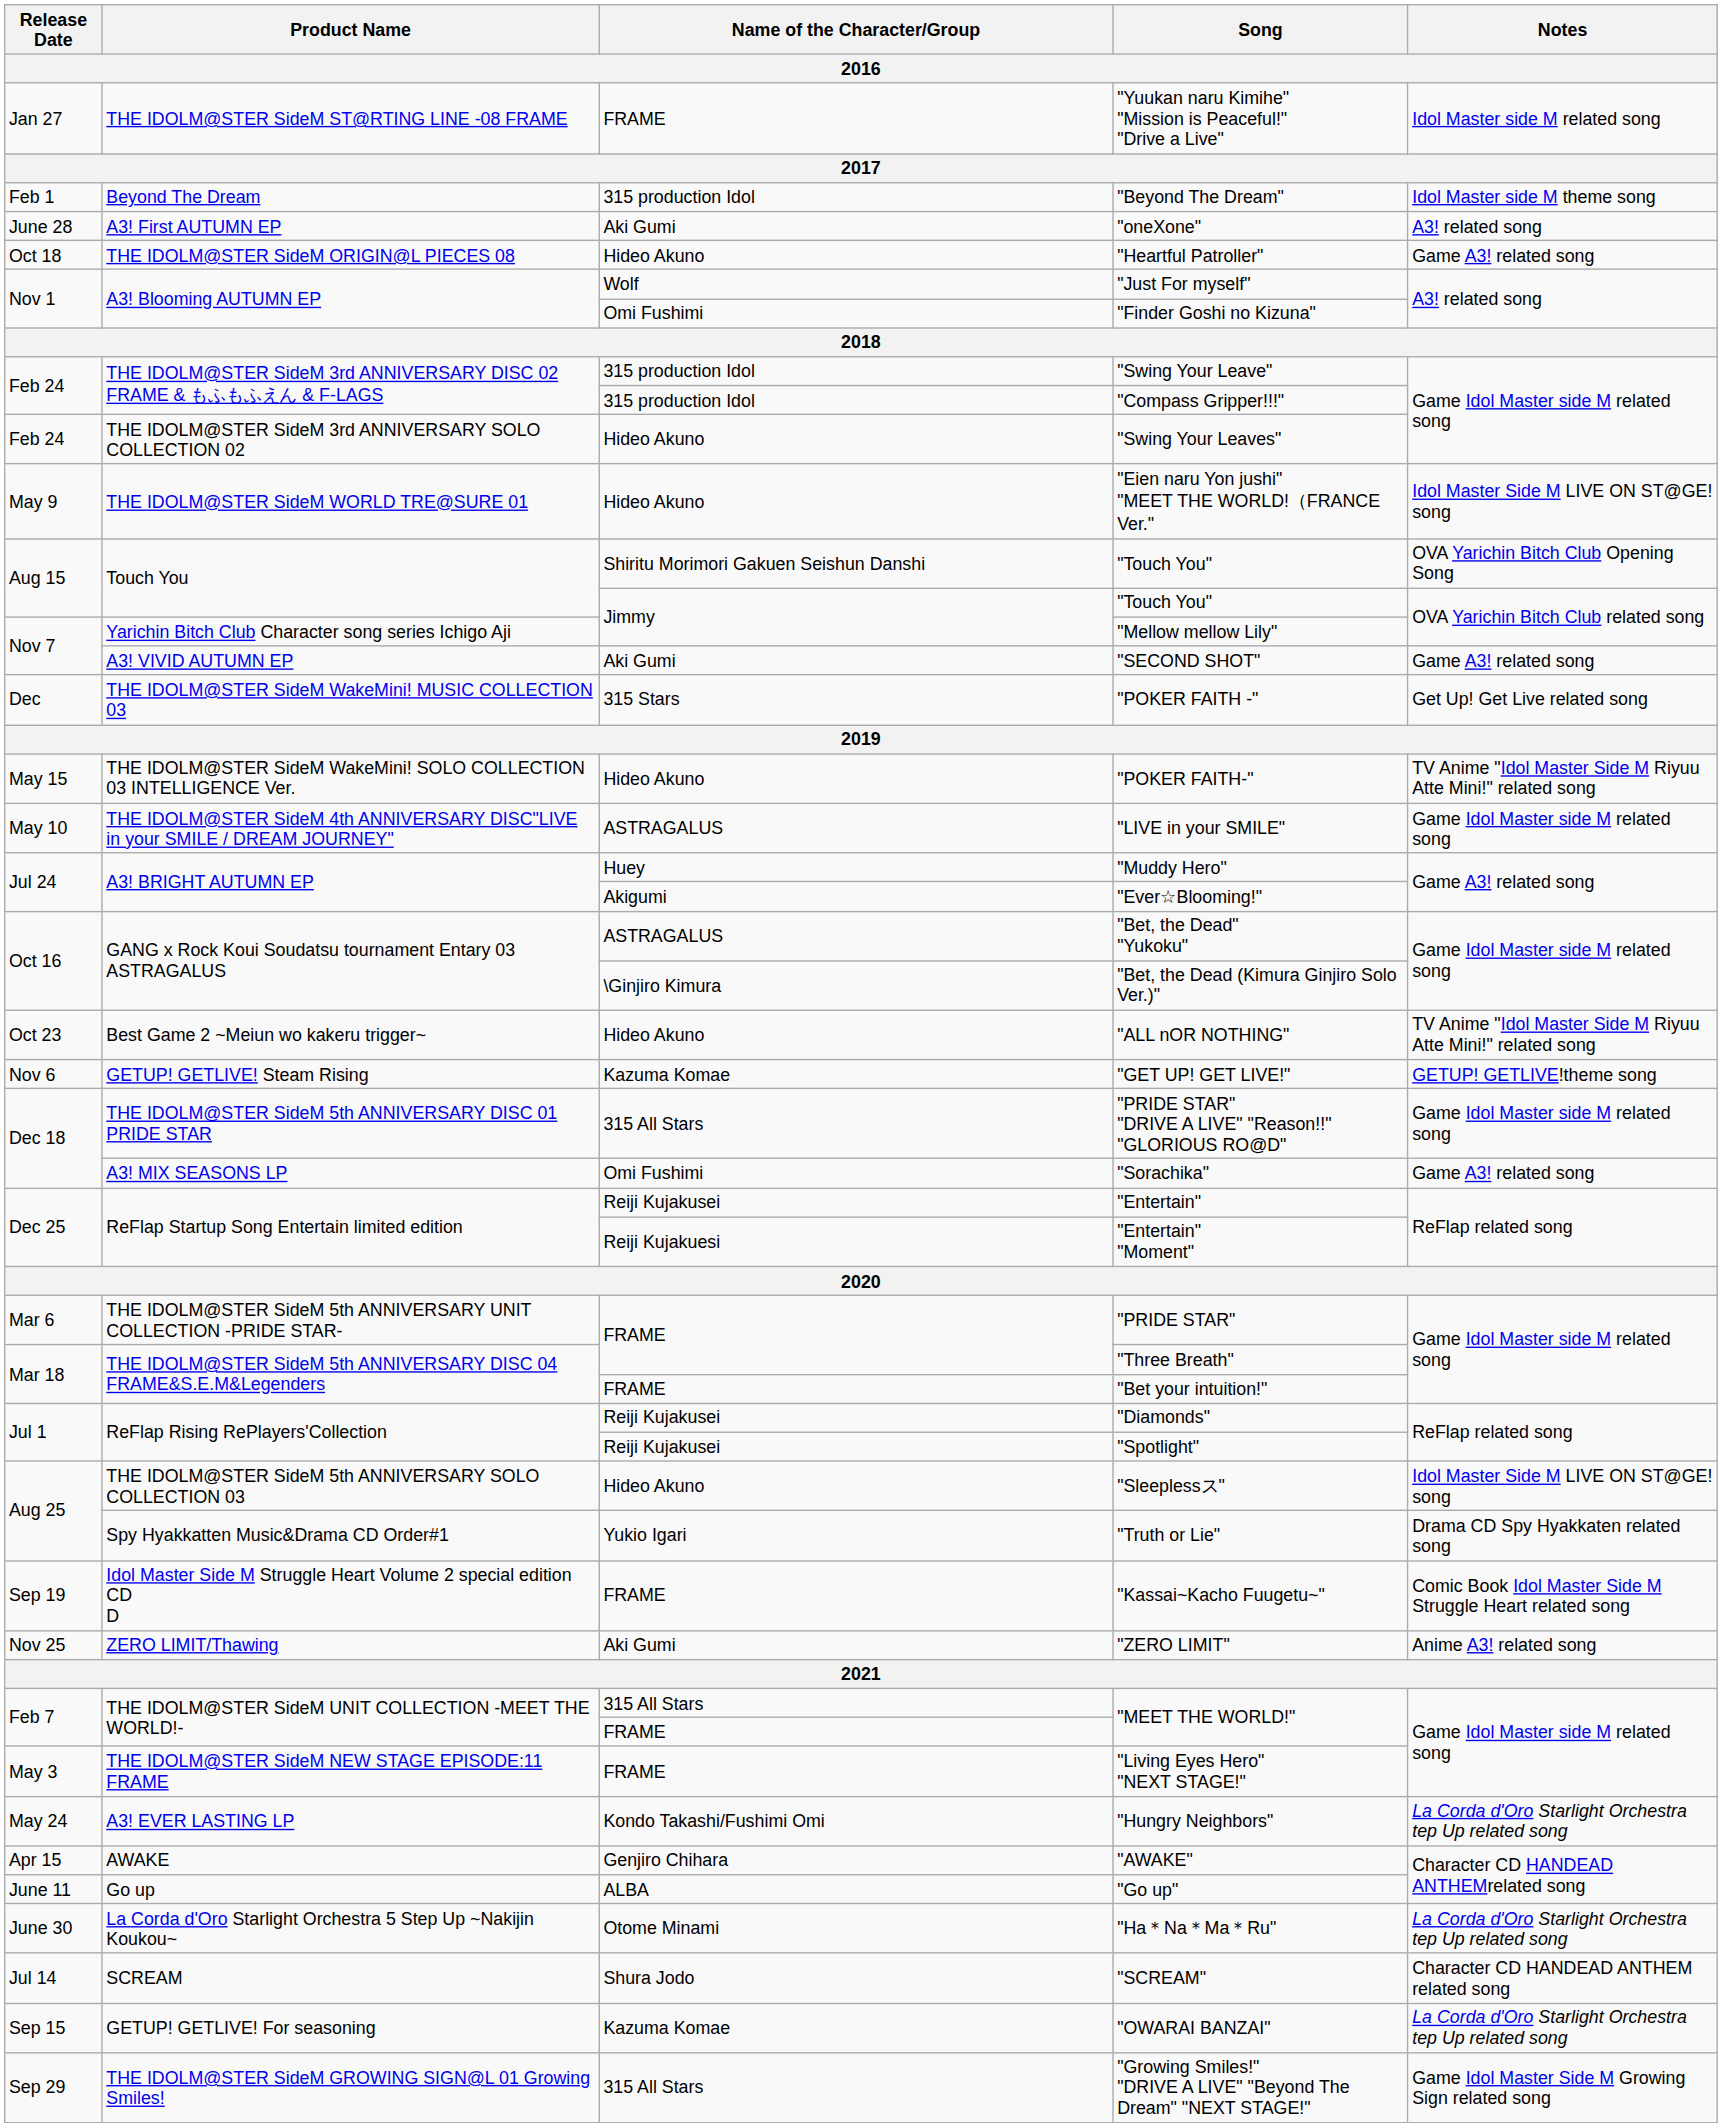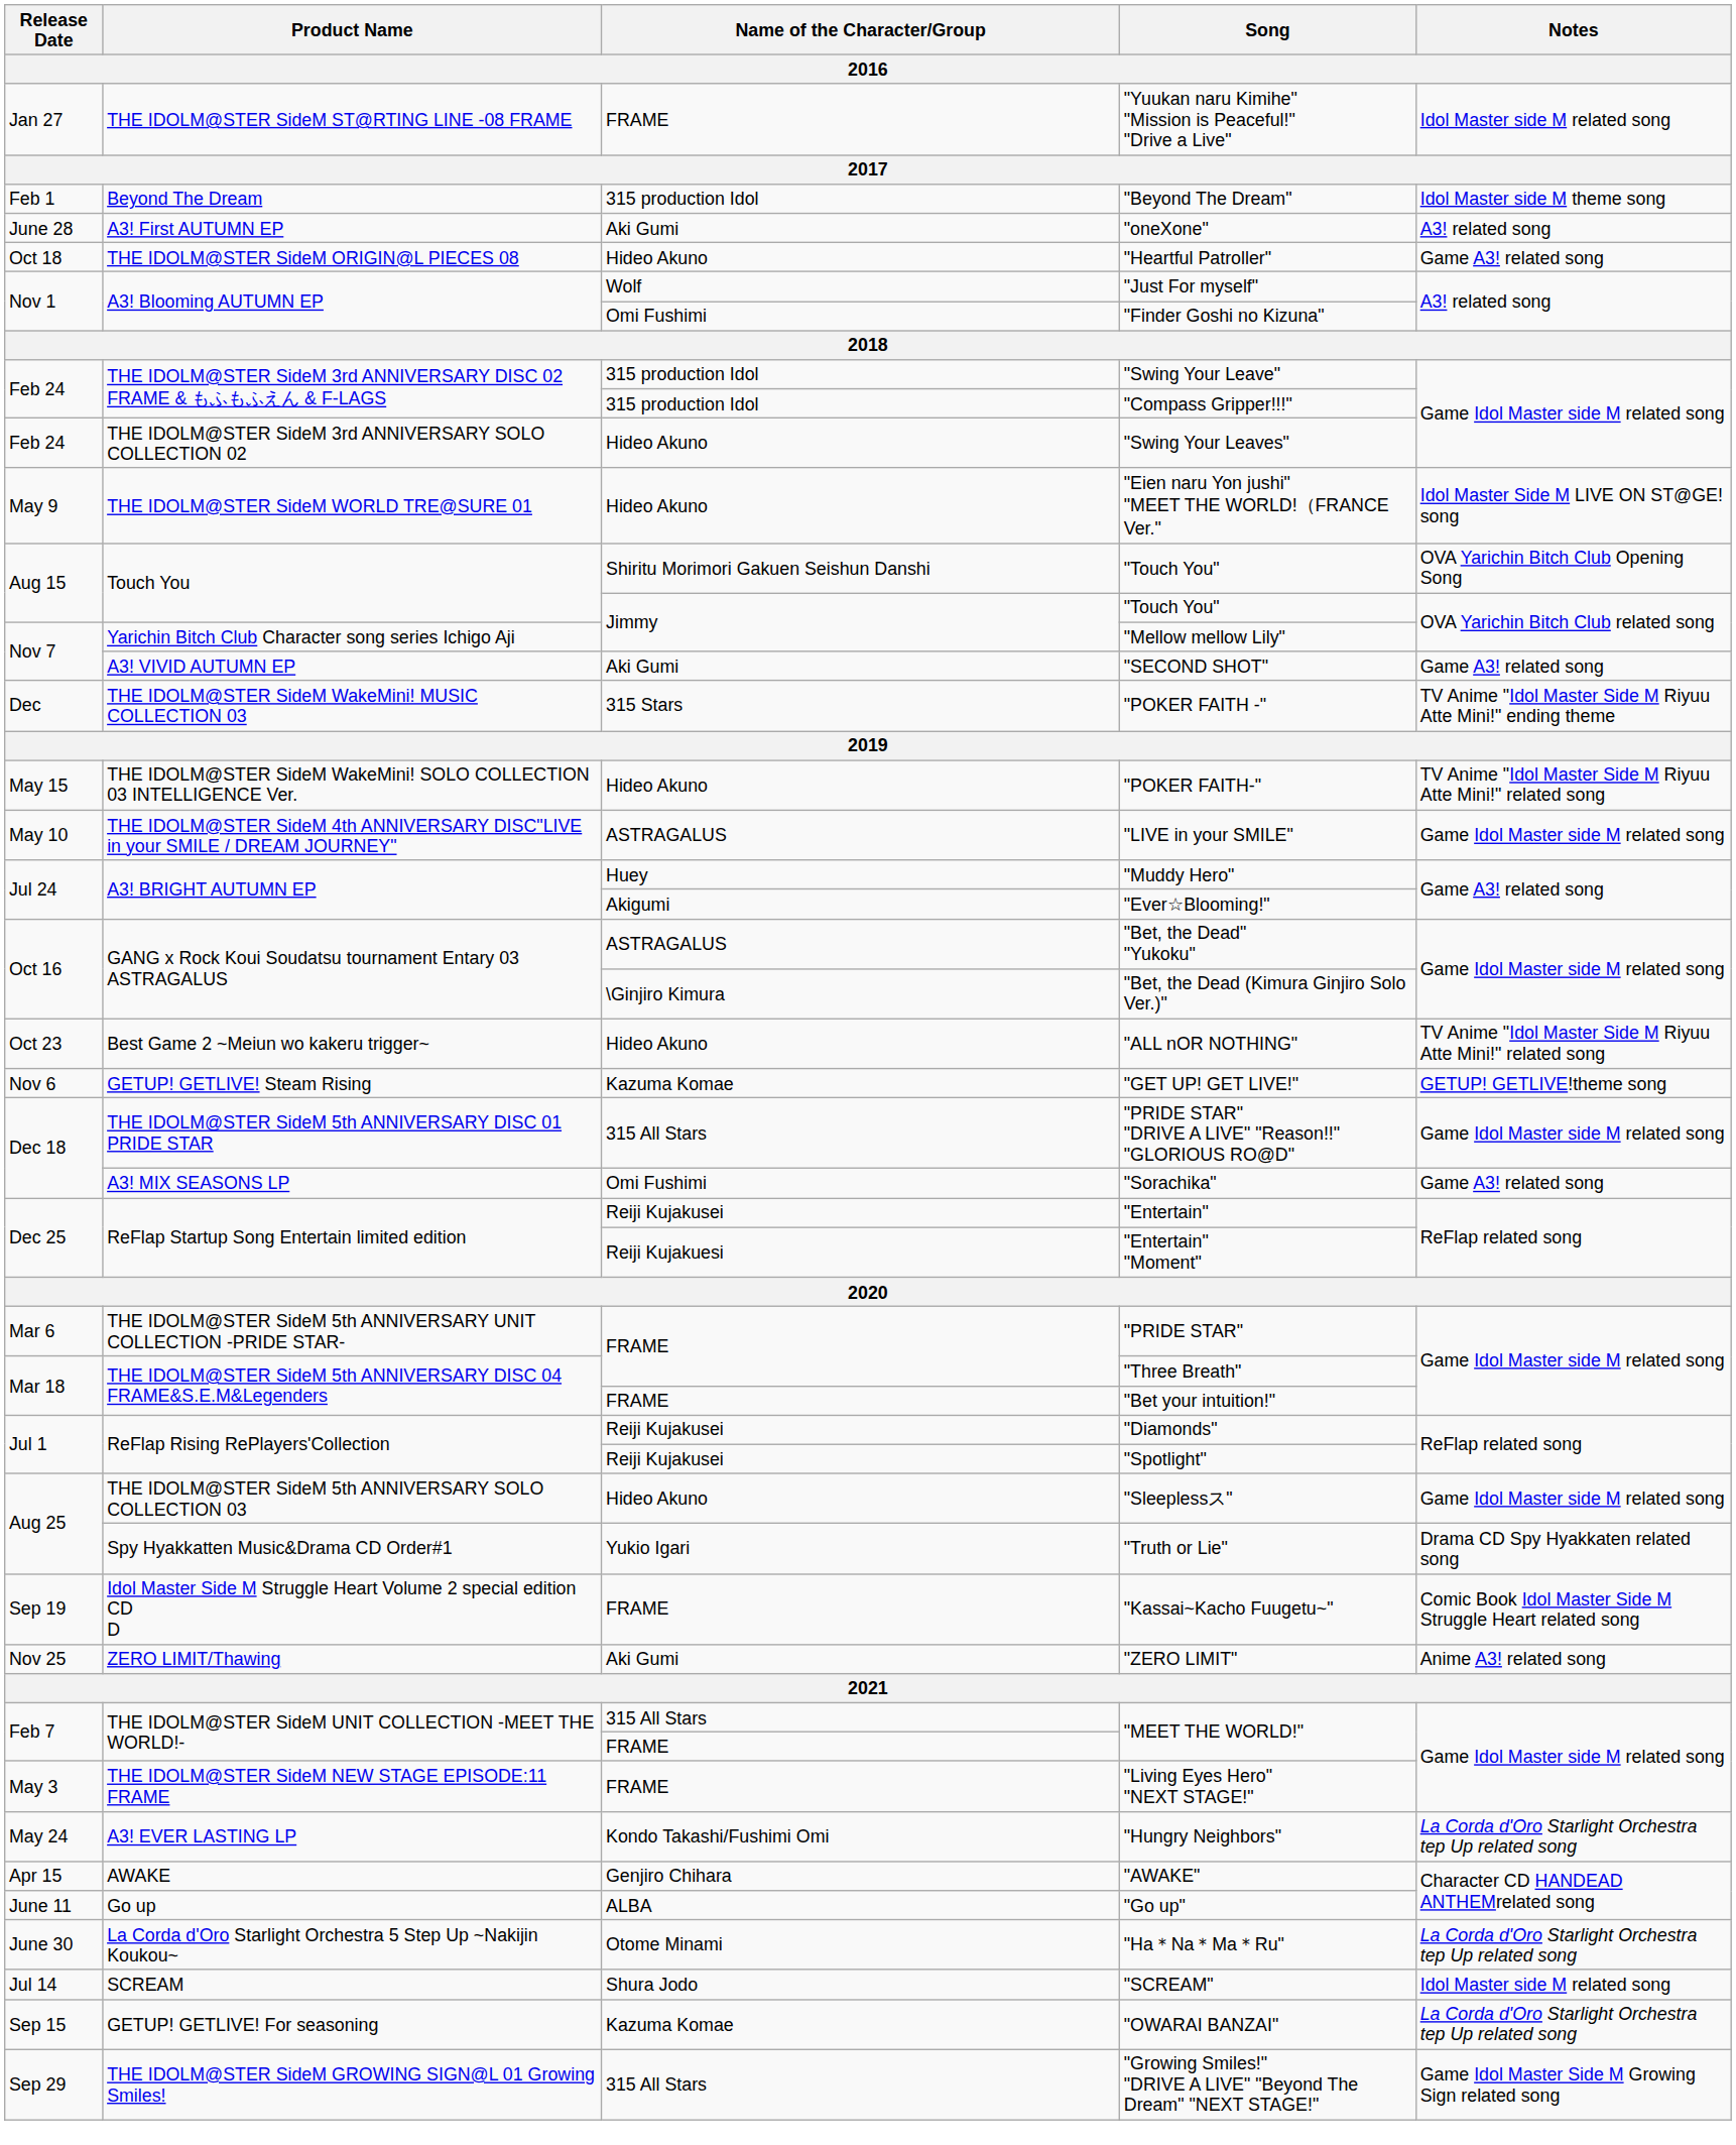 <table class="wikitable" style="font-size:small">
 <tr>
 <th>Release Date</th>
 <th>Product Name</th>
 <th style="width:30%;">Name of the Character/Group</th>
 <th>Song</th>
 <th>Notes</th>
 </tr>
 <tr>
 <th colspan="5">2016</th>
 </tr>
 <tr>
 <td>Jan 27</td>
 <td><a href='#'>THE IDOLM@STER SideM ST@RTING LINE -08 FRAME</a></td>
 <td>FRAME</td>
 <td>"Yuukan naru Kimihe"<br>"Mission is Peaceful!"<br>"Drive a Live"</td>
 <td><a href='#'>Idol Master side M</a> related song</td>
 </tr>
 <tr>
 <th colspan="5">2017</th>
 </tr>
 <tr>
 <td>Feb 1</td>
 <td><a href='#'>Beyond The Dream</a></td>
 <td>315 production Idol</td>
 <td>"Beyond The Dream"</td>
 <td><a href='#'>Idol Master side M</a> theme song</td>
 </tr>
 <tr>
 <td>June 28</td>
 <td><a href='#'>A3! First AUTUMN EP</a></td>
 <td>Aki Gumi</td>
 <td>"oneXone"</td>
 <td><a href='#'>A3!</a> related song</td>
 </tr>
 <tr>
 <td>Oct 18</td>
 <td><a href='#'>THE IDOLM@STER SideM ORIGIN@L PIECES 08</a></td>
 <td>Hideo Akuno</td>
 <td>"Heartful Patroller"</td>
 <td>Game <a href='#'>A3!</a> related song</td>
 </tr>
 <tr>
 <td rowspan="2">Nov 1</td>
 <td rowspan="2"><a href='#'>A3! Blooming AUTUMN EP</a></td>
 <td>Wolf</td>
 <td>"Just For myself"</td>
 <td rowspan="2"><a href='#'>A3!</a> related song</td>
 </tr>
 <tr>
 <td>Omi Fushimi</td>
 <td>"Finder Goshi no Kizuna"</td>
 </tr>
 <tr>
 <th colspan="5">2018</th>
 </tr>
 <tr>
 <td rowspan="2">Feb 24</td>
 <td rowspan="2"><a href='#'>THE IDOLM@STER SideM 3rd ANNIVERSARY DISC 02 FRAME & もふもふえん & F-LAGS</a></td>
 <td>315 production Idol</td>
 <td>"Swing Your Leave"</td>
 <td rowspan="3">Game <a href='#'>Idol Master side M</a> related song</td>
 </tr>
 <tr>
 <td>315 production Idol</td>
 <td>"Compass Gripper!!!"</td>
 </tr>
 <tr>
 <td>Feb 24</td>
 <td>THE IDOLM@STER SideM 3rd ANNIVERSARY SOLO COLLECTION 02</td>
 <td>Hideo Akuno</td>
 <td>"Swing Your Leaves"</td>
 </tr>
 <tr>
 <td>May 9</td>
 <td><a href='#'>THE IDOLM@STER SideM WORLD TRE@SURE 01</a></td>
 <td>Hideo Akuno</td>
 <td>"Eien naru Yon jushi"<br>"MEET THE WORLD!（FRANCE Ver."</td>
 <td><a href='#'>Idol Master Side M</a> LIVE ON ST@GE! song</td>
 </tr>
 <tr>
 <td rowspan="2">Aug 15</td>
 <td rowspan="2">Touch You</td>
 <td>Shiritu Morimori Gakuen Seishun Danshi</td>
 <td>"Touch You"</td>
 <td>OVA <a href='#'>Yarichin Bitch Club</a> Opening Song</td>
 </tr>
 <tr>
 <td rowspan="2">Jimmy</td>
 <td>"Touch You"</td>
 <td rowspan="2">OVA <a href='#'>Yarichin Bitch Club</a> related song</td>
 </tr>
 <tr>
 <td rowspan="2">Nov 7</td>
 <td><a href='#'>Yarichin Bitch Club</a> Character song series Ichigo Aji</td>
 <td>"Mellow mellow Lily"</td>
 </tr>
 <tr>
 <td><a href='#'>A3! VIVID AUTUMN EP</a></td>
 <td>Aki Gumi</td>
 <td>"SECOND SHOT"</td>
 <td>Game <a href='#'>A3!</a> related song</td>
 </tr>
 <tr>
 <td>Dec</td>
 <td><a href='#'>THE IDOLM@STER SideM WakeMini! MUSIC COLLECTION 03</a></td>
 <td>315 Stars</td>
 <td>"POKER FAITH -"</td>
-<td>Get Up! Get Live related song</td>
+<td>TV Anime "<a href='#'>Idol Master Side M</a> Riyuu Atte Mini!" ending theme</td>
 </tr>
 <tr>
 <th colspan="5">2019</th>
 </tr>
 <tr>
 <td>May 15</td>
 <td>THE IDOLM@STER SideM WakeMini! SOLO COLLECTION 03 INTELLIGENCE Ver.</td>
 <td>Hideo Akuno</td>
 <td>"POKER FAITH-"</td>
 <td>TV Anime "<a href='#'>Idol Master Side M</a> Riyuu Atte Mini!" related song</td>
 </tr>
 <tr>
 <td>May 10</td>
 <td><a href='#'>THE IDOLM@STER SideM 4th ANNIVERSARY DISC"LIVE in your SMILE / DREAM JOURNEY"</a></td>
 <td>ASTRAGALUS</td>
 <td>"LIVE in your SMILE"</td>
 <td>Game <a href='#'>Idol Master side M</a> related song</td>
 </tr>
 <tr>
 <td rowspan="2">Jul 24</td>
 <td rowspan="2"><a href='#'>A3! BRIGHT AUTUMN EP</a></td>
 <td>Huey</td>
 <td>"Muddy Hero"</td>
 <td rowspan="2">Game <a href='#'>A3!</a> related song</td>
 </tr>
 <tr>
 <td>Akigumi</td>
 <td>"Ever☆Blooming!"</td>
 </tr>
 <tr>
 <td rowspan="2">Oct 16</td>
 <td rowspan="2">GANG x Rock Koui Soudatsu tournament Entary 03 ASTRAGALUS</td>
 <td>ASTRAGALUS</td>
 <td>"Bet, the Dead"<br>"Yukoku"</td>
 <td rowspan="2">Game <a href='#'>Idol Master side M</a> related song</td>
 </tr>
 <tr>
 <td>\Ginjiro Kimura</td>
 <td>"Bet, the Dead (Kimura Ginjiro  Solo Ver.)"</td>
 </tr>
 <tr>
 <td>Oct 23</td>
 <td>Best Game 2 ~Meiun wo kakeru trigger~</td>
 <td>Hideo Akuno</td>
 <td>"ALL nOR NOTHING"</td>
 <td>TV Anime "<a href='#'>Idol Master Side M</a> Riyuu Atte Mini!" related song</td>
 </tr>
 <tr>
 <td>Nov 6</td>
 <td><a href='#'>GETUP! GETLIVE!</a> Steam Rising</td>
 <td>Kazuma Komae</td>
 <td>"GET UP! GET LIVE!"</td>
 <td><a href='#'>GETUP! GETLIVE</a>!theme song</td>
 </tr>
 <tr>
 <td rowspan="2">Dec 18</td>
 <td><a href='#'>THE IDOLM@STER SideM 5th ANNIVERSARY DISC 01 PRIDE STAR</a></td>
 <td>315 All Stars</td>
 <td>"PRIDE STAR"<br>"DRIVE A LIVE" "Reason!!" "GLORIOUS RO@D"</td>
 <td>Game <a href='#'>Idol Master side M</a> related song</td>
 </tr>
 <tr>
 <td><a href='#'>A3! MIX SEASONS LP</a></td>
 <td>Omi Fushimi</td>
 <td>"Sorachika"</td>
 <td>Game <a href='#'>A3!</a> related song</td>
 </tr>
 <tr>
 <td rowspan="2">Dec 25</td>
 <td rowspan="2">ReFlap Startup Song Entertain limited edition</td>
 <td>Reiji Kujakusei</td>
 <td>"Entertain"</td>
 <td rowspan="2">ReFlap related song</td>
 </tr>
 <tr>
 <td>Reiji Kujakuesi</td>
 <td>"Entertain"<br>"Moment"</td>
 </tr>
 <tr>
 <th colspan="5">2020</th>
 </tr>
 <tr>
 <td>Mar 6</td>
 <td>THE IDOLM@STER SideM 5th ANNIVERSARY UNIT COLLECTION -PRIDE STAR-</td>
 <td rowspan="2">FRAME</td>
 <td>"PRIDE STAR"</td>
 <td rowspan="3">Game <a href='#'>Idol Master side M</a> related song</td>
 </tr>
 <tr>
 <td rowspan="2">Mar 18</td>
 <td rowspan="2"><a href='#'>THE IDOLM@STER SideM 5th ANNIVERSARY DISC 04 FRAME&S.E.M&Legenders</a></td>
 <td>"Three Breath"</td>
 </tr>
 <tr>
 <td>FRAME</td>
 <td>"Bet your intuition!"</td>
 </tr>
 <tr>
 <td rowspan="2">Jul 1</td>
 <td rowspan="2">ReFlap Rising RePlayers'Collection</td>
 <td>Reiji Kujakusei</td>
 <td>"Diamonds"</td>
 <td rowspan="2">ReFlap related song</td>
 </tr>
 <tr>
 <td>Reiji Kujakusei</td>
 <td>"Spotlight"</td>
 </tr>
 <tr>
 <td rowspan="2">Aug 25</td>
 <td>THE IDOLM@STER SideM 5th ANNIVERSARY SOLO COLLECTION 03</td>
 <td>Hideo Akuno</td>
 <td>"Sleeplessス"</td>
-<td><a href='#'>Idol Master Side M</a> LIVE ON ST@GE! song</td>
+<td>Game <a href='#'>Idol Master side M</a> related song</td>
 </tr>
 <tr>
 <td>Spy Hyakkatten Music&Drama CD Order#1</td>
 <td>Yukio Igari</td>
 <td>"Truth or Lie"</td>
 <td>Drama CD Spy Hyakkaten related song</td>
 </tr>
 <tr>
 <td>Sep 19</td>
 <td><a href='#'>Idol Master Side M</a> Struggle Heart Volume 2 special edition CD<br>D</td>
 <td>FRAME</td>
 <td>"Kassai~Kacho Fuugetu~"</td>
 <td>Comic Book <a href='#'>Idol Master Side M</a> Struggle Heart related song</td>
 </tr>
 <tr>
 <td>Nov 25</td>
 <td><a href='#'>ZERO LIMIT/Thawing</a></td>
 <td>Aki Gumi</td>
 <td>"ZERO LIMIT"</td>
 <td>Anime <a href='#'>A3!</a> related song</td>
 </tr>
 <tr>
 <th colspan="5">2021</th>
 </tr>
 <tr>
 <td rowspan="2">Feb 7</td>
 <td rowspan="2">THE IDOLM@STER SideM UNIT COLLECTION -MEET THE WORLD!-</td>
 <td>315 All Stars</td>
 <td rowspan="2">"MEET THE WORLD!"</td>
 <td rowspan="3">Game <a href='#'>Idol Master side M</a> related song</td>
 </tr>
 <tr>
 <td>FRAME</td>
 </tr>
 <tr>
 <td>May 3</td>
 <td><a href='#'>THE IDOLM@STER SideM NEW STAGE EPISODE:11 FRAME</a></td>
 <td>FRAME</td>
 <td>"Living Eyes Hero"<br>"NEXT STAGE!"</td>
 </tr>
 <tr>
 <td>May 24</td>
 <td><a href='#'>A3! EVER LASTING LP</a></td>
 <td>Kondo Takashi/Fushimi Omi</td>
 <td>"Hungry Neighbors"</td>
 <td><em><a href='#'>La Corda d'Oro</a> Starlight Orchestra tep Up related song</em></td>
 </tr>
 <tr>
 <td>Apr 15</td>
 <td>AWAKE</td>
 <td>Genjiro Chihara</td>
 <td>"AWAKE"</td>
 <td rowspan="2">Character CD <a href='#'>HANDEAD ANTHEM</a>related song</td>
 </tr>
 <tr>
 <td>June 11</td>
 <td>Go up</td>
 <td>ALBA</td>
 <td>"Go up"</td>
 </tr>
 <tr>
 <td>June 30</td>
 <td><a href='#'>La Corda d'Oro</a> Starlight Orchestra 5 Step Up ~Nakijin Koukou~</td>
 <td>Otome Minami</td>
 <td>"Ha＊Na＊Ma＊Ru"</td>
 <td><em><a href='#'>La Corda d'Oro</a> Starlight Orchestra tep Up related song</em></td>
 </tr>
 <tr>
 <td>Jul 14</td>
 <td>SCREAM</td>
 <td>Shura Jodo</td>
 <td>"SCREAM"</td>
-<td>Character CD HANDEAD ANTHEM related song</td>
+<td><a href='#'>Idol Master side M</a> related song</td>
 </tr>
 <tr>
 <td>Sep 15</td>
 <td>GETUP! GETLIVE! For seasoning</td>
 <td>Kazuma Komae</td>
 <td>"OWARAI BANZAI"</td>
 <td><em><a href='#'>La Corda d'Oro</a> Starlight Orchestra tep Up related song</em></td>
 </tr>
 <tr>
 <td>Sep 29</td>
 <td><a href='#'>THE IDOLM@STER SideM GROWING SIGN@L 01 Growing Smiles!</a></td>
 <td>315 All Stars</td>
 <td>"Growing Smiles!"<br>"DRIVE A LIVE" "Beyond The Dream" "NEXT STAGE!"</td>
 <td>Game <a href='#'>Idol Master Side M</a> Growing Sign related song</td>
 </tr>
 </table>
